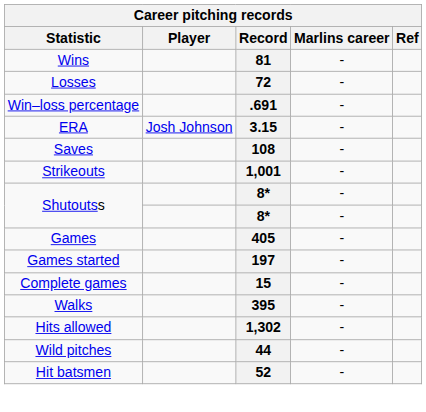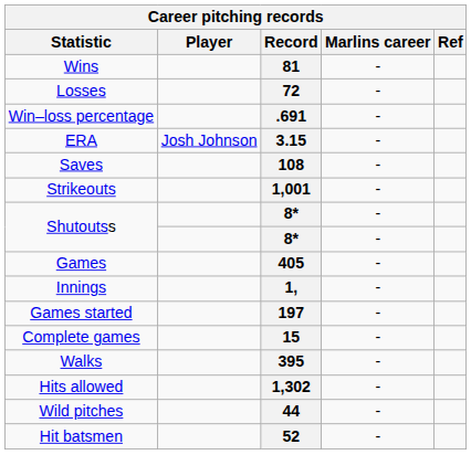 <table class="wikitable sortable" style="text-align:center">
 <tr>
 <th colspan=5>Career pitching records</th>
 </tr>
 <tr>
 <th scope="col">Statistic</th>
 <th scope="col">Player</th>
 <th scope="col" class="unsortable">Record</th>
 <th scope="col">Marlins career</th>
 <th scope="col" class="unsortable">Ref</th>
 </tr>
 <tr>
 <td><a href='#'>Wins</a></td>
 <td></td>
 <th scope="row">81</th>
 <td>-</td>
 <td></td>
 </tr>
 <tr>
 <td><a href='#'>Losses</a></td>
 <td></td>
 <th scope="row">72</th>
 <td>-</td>
 <td></td>
 </tr>
 <tr>
 <td><a href='#'>Win–loss percentage</a></td>
 <td></td>
 <th scope="row">.691</th>
 <td>-</td>
 <td></td>
 </tr>
 <tr>
 <td><a href='#'>ERA</a></td>
 <td><a href='#'>Josh Johnson</a></td>
 <th scope="row">3.15</th>
 <td>-</td>
 <td></td>
 </tr>
 <tr>
 <td><a href='#'>Saves</a></td>
 <td></td>
 <th scope="row">108</th>
 <td>-</td>
 <td></td>
 </tr>
 <tr>
 <td><a href='#'>Strikeouts</a></td>
 <td></td>
 <th scope="row">1,001</th>
 <td>-</td>
 <td></td>
 </tr>
 <tr>
 <td rowspan=2><a href='#'>Shutouts</a>s</td>
 <td></td>
 <th scope="row">8*</th>
 <td>-</td>
 <td></td>
 </tr>
 <tr>
 <td></td>
 <th scope="row">8*</th>
 <td>-</td>
 <td></td>
 </tr>
 <tr>
 <td><a href='#'>Games</a></td>
 <td></td>
 <th scope="row">405</th>
 <td>-</td>
 <td></td>
 </tr>
 <tr>
+<td><a href='#'>Innings</a></td>
+<td></td>
+<th scope="row">1,</th>
+<td>-</td>
+<td></td>
+</tr>
+<tr>
 <td><a href='#'>Games started</a></td>
 <td></td>
 <th scope="row">197</th>
 <td>-</td>
 <td></td>
 </tr>
 <tr>
 <td><a href='#'>Complete games</a></td>
 <td></td>
 <th scope="row">15</th>
 <td>-</td>
 <td></td>
 </tr>
 <tr>
 <td><a href='#'>Walks</a></td>
 <td></td>
 <th scope="row">395</th>
 <td>-</td>
 <td></td>
 </tr>
 <tr>
 <td><a href='#'>Hits allowed</a></td>
 <td></td>
 <th scope="row">1,302</th>
 <td>-</td>
 <td></td>
 </tr>
 <tr>
 <td><a href='#'>Wild pitches</a></td>
 <td></td>
 <th scope="row">44</th>
 <td>-</td>
 <td></td>
 </tr>
 <tr>
 <td><a href='#'>Hit batsmen</a></td>
 <td></td>
 <th scope="row">52</th>
 <td>-</td>
 <td></td>
 </tr>
 </table>
